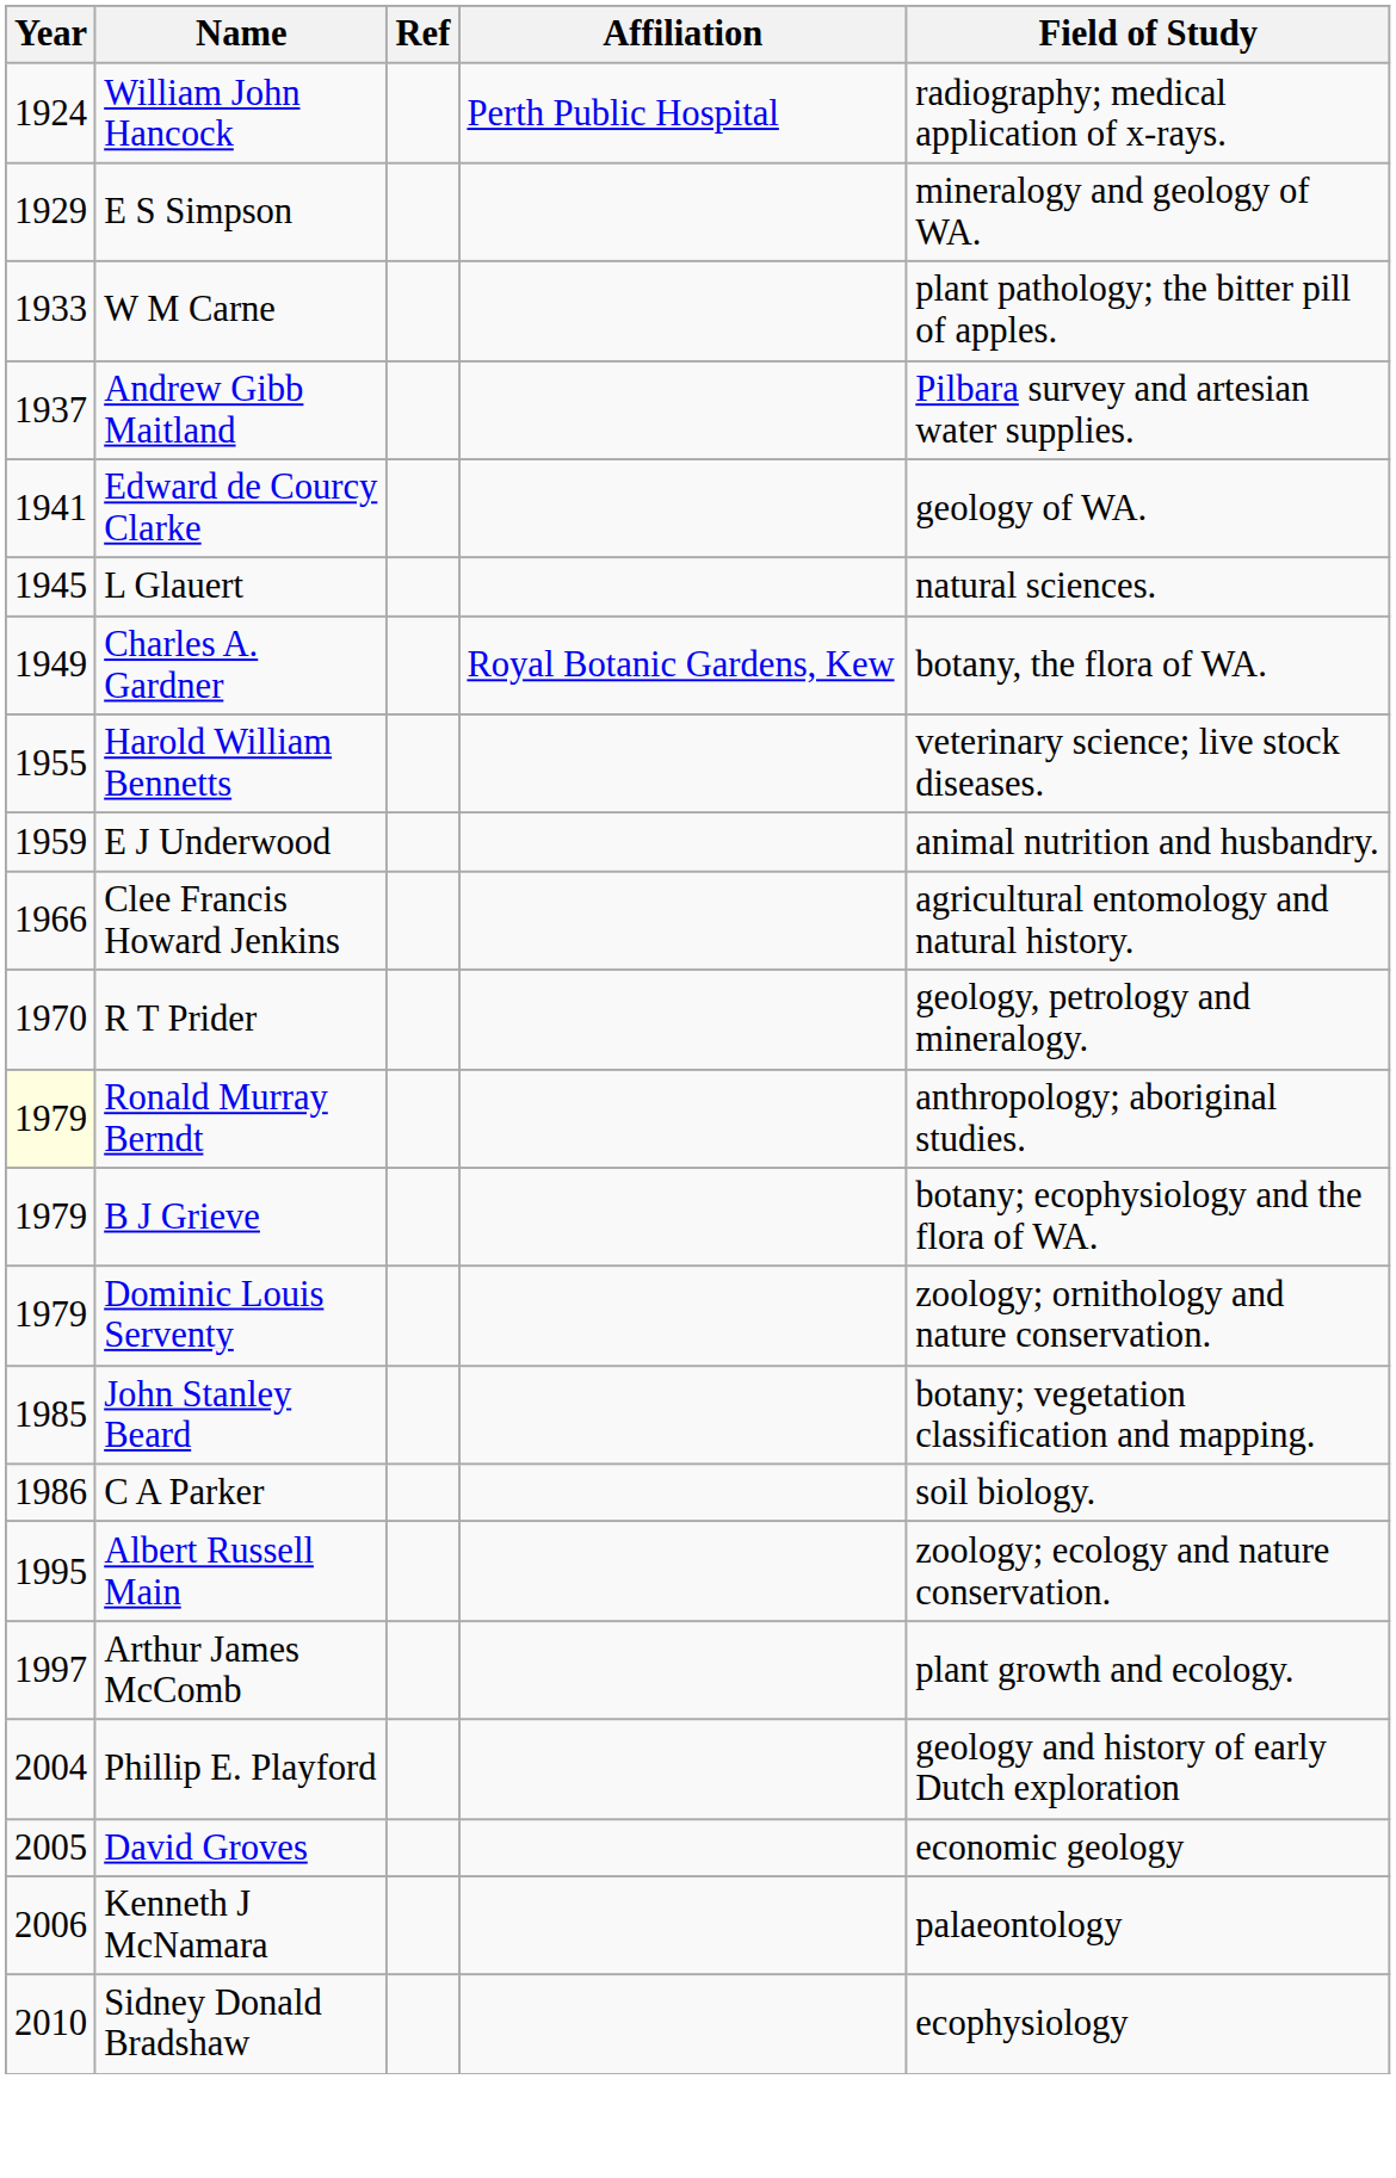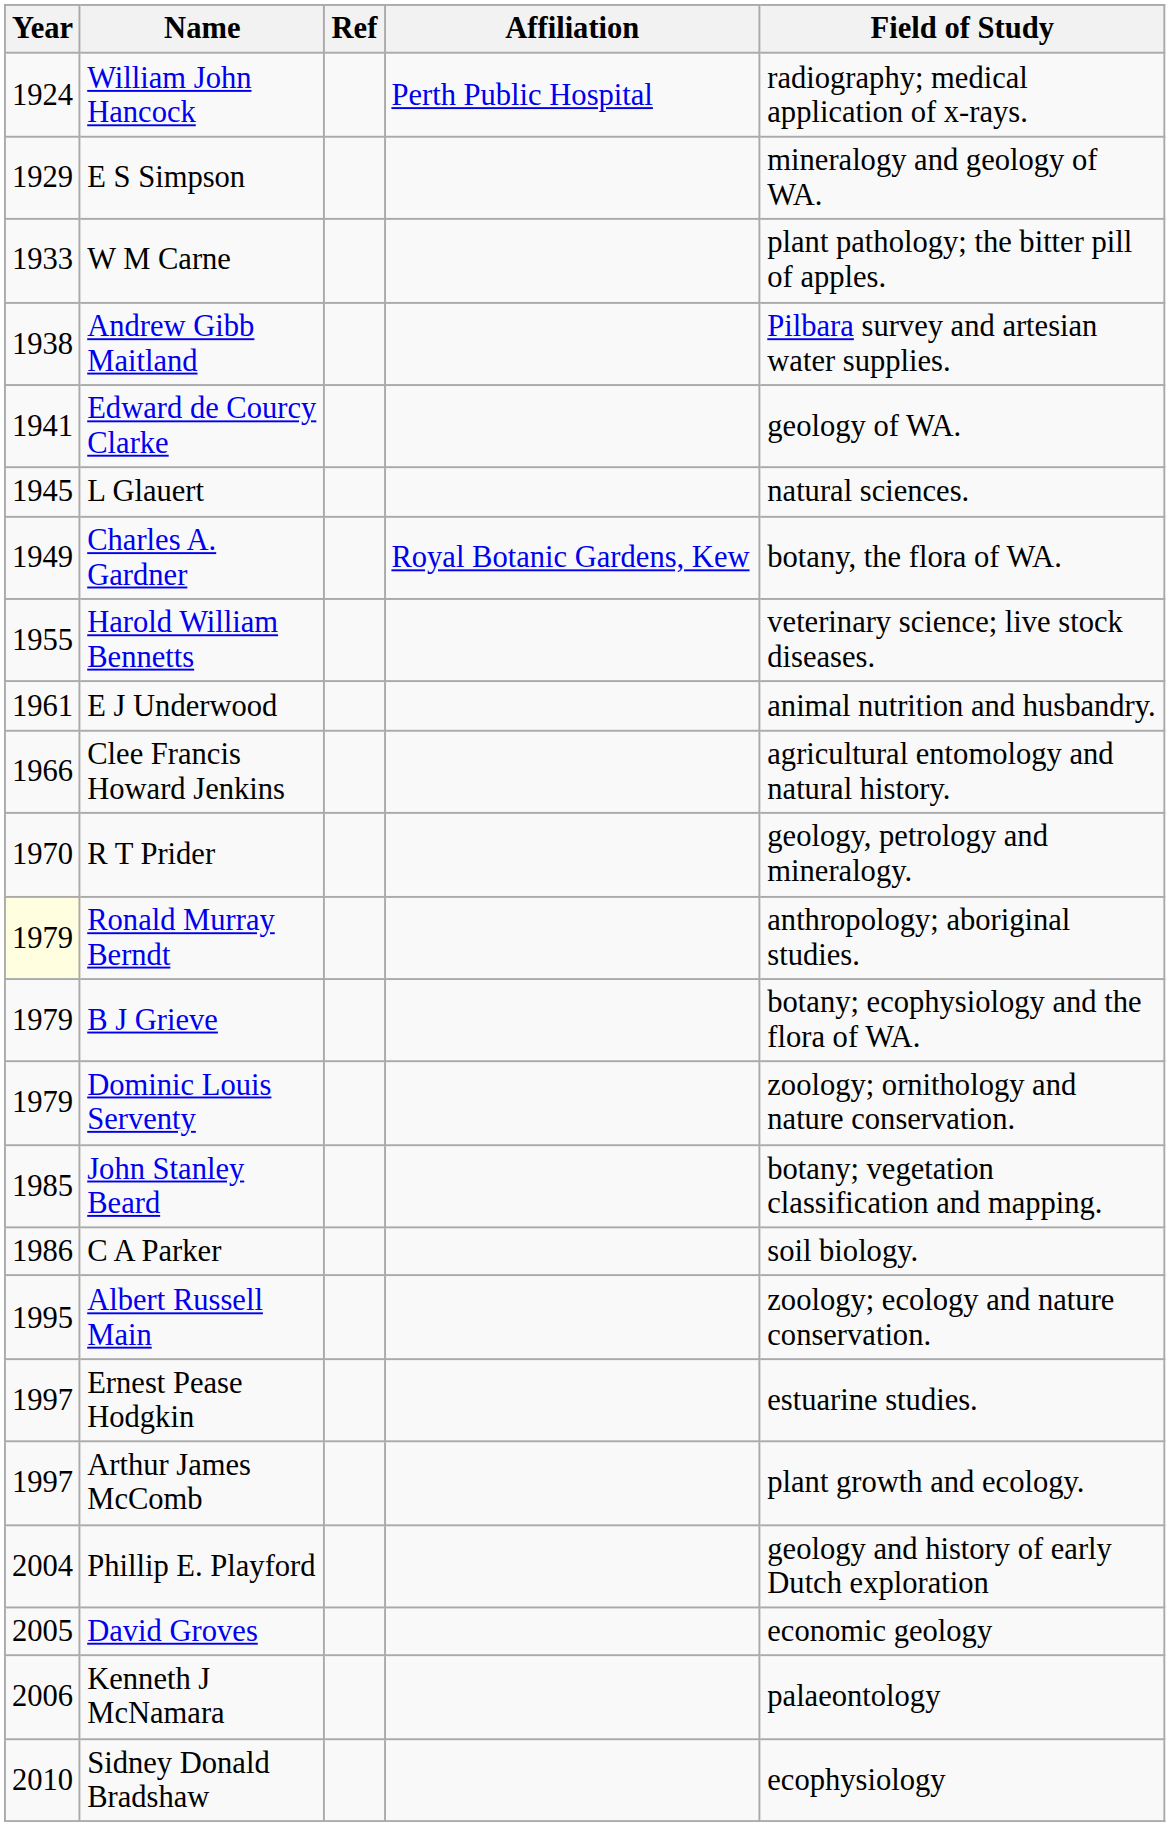 <table class="wikitable" border="1" style="align:left;">
 <tr>
 <th width="4">Year</th>
 <th width="200">Name</th>
 <th width=6>Ref</th>
 <th width=400>Affiliation</th>
 <th width="400">Field of Study</th>
 </tr>
 <tr>
 <td>1924</td>
 <td><a href='#'>William John Hancock</a></td>
 <td></td>
 <td><a href='#'>Perth Public Hospital</a></td>
 <td>radiography; medical application of x-rays.</td>
 </tr>
 <tr>
 <td>1929</td>
 <td>E S Simpson</td>
 <td></td>
 <td></td>
 <td>mineralogy and geology of WA.</td>
 </tr>
 <tr>
 <td>1933</td>
 <td>W M Carne</td>
 <td></td>
 <td></td>
 <td>plant pathology; the bitter pill of apples.</td>
 </tr>
 <tr>
-<td>1937</td>
+<td>1938</td>
 <td><a href='#'>Andrew Gibb Maitland</a></td>
 <td></td>
 <td></td>
 <td><a href='#'>Pilbara</a> survey and artesian water supplies.</td>
 </tr>
 <tr>
 <td>1941</td>
 <td><a href='#'>Edward de Courcy Clarke</a></td>
 <td></td>
 <td></td>
 <td>geology of WA.</td>
 </tr>
 <tr>
 <td>1945</td>
 <td>L Glauert</td>
 <td></td>
 <td></td>
 <td>natural sciences.</td>
 </tr>
 <tr>
 <td>1949</td>
 <td><a href='#'>Charles A. Gardner</a></td>
 <td></td>
 <td><a href='#'>Royal Botanic Gardens, Kew</a></td>
 <td>botany, the flora of WA.</td>
 </tr>
 <tr>
 <td>1955</td>
 <td><a href='#'>Harold William Bennetts</a></td>
 <td></td>
 <td></td>
 <td>veterinary science; live stock diseases.</td>
 </tr>
 <tr>
-<td>1959</td>
+<td>1961</td>
 <td>E J Underwood</td>
 <td></td>
 <td></td>
 <td>animal nutrition and husbandry.</td>
 </tr>
 <tr>
 <td>1966</td>
 <td>Clee Francis Howard Jenkins</td>
 <td></td>
 <td></td>
 <td>agricultural entomology and natural history.</td>
 </tr>
 <tr>
 <td>1970</td>
 <td>R T Prider</td>
 <td></td>
 <td></td>
 <td>geology, petrology and mineralogy.</td>
 </tr>
 <tr>
 <td style="background: lightyellow;">1979</td>
 <td><a href='#'>Ronald Murray Berndt</a></td>
 <td></td>
 <td></td>
 <td>anthropology; aboriginal studies.</td>
 </tr>
 <tr>
 <td>1979</td>
 <td><a href='#'>B J Grieve</a></td>
 <td></td>
 <td></td>
 <td>botany; ecophysiology and the flora of WA.</td>
 </tr>
 <tr>
 <td>1979</td>
 <td><a href='#'>Dominic Louis Serventy</a></td>
 <td></td>
 <td></td>
 <td>zoology; ornithology and nature conservation.</td>
 </tr>
 <tr>
 <td>1985</td>
 <td><a href='#'>John Stanley Beard </a></td>
 <td></td>
 <td></td>
 <td>botany; vegetation classification and mapping.</td>
 </tr>
 <tr>
 <td>1986</td>
 <td>C A Parker</td>
 <td></td>
 <td></td>
 <td>soil biology.</td>
 </tr>
 <tr>
 <td>1995</td>
 <td><a href='#'>Albert Russell Main</a></td>
 <td></td>
 <td></td>
 <td>zoology; ecology and nature conservation.</td>
 </tr>
 <tr>
 <td>1997</td>
+<td>Ernest Pease Hodgkin</td>
+<td></td>
+<td></td>
+<td>estuarine studies.</td>
+</tr>
+<tr>
+<td>1997</td>
 <td>Arthur James McComb</td>
 <td></td>
 <td></td>
 <td>plant growth and ecology.</td>
 </tr>
 <tr>
 <td>2004</td>
 <td>Phillip E. Playford</td>
 <td></td>
 <td></td>
 <td>geology and history of early Dutch exploration</td>
 </tr>
 <tr>
 <td>2005</td>
 <td><a href='#'>David Groves</a></td>
 <td></td>
 <td></td>
 <td>economic geology</td>
 </tr>
 <tr>
 <td>2006</td>
 <td>Kenneth J McNamara</td>
 <td></td>
 <td></td>
 <td>palaeontology</td>
 </tr>
 <tr>
 <td>2010</td>
 <td>Sidney Donald Bradshaw</td>
 <td></td>
 <td></td>
 <td>ecophysiology</td>
 </tr>
 <tr>
 </tr>
 </table>
